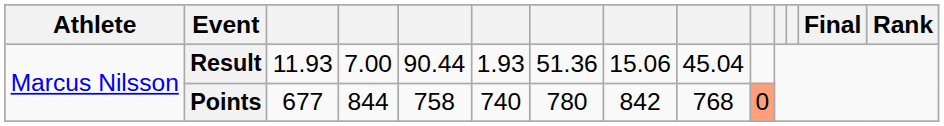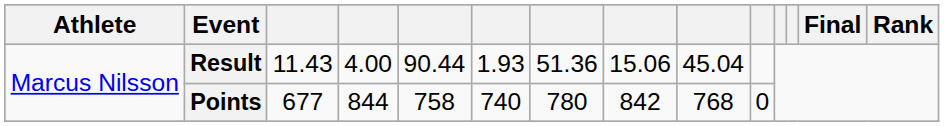 <table class="wikitable" style="font-size:90%">
 <tr>
 <th>Athlete</th>
 <th>Event</th>
 <th></th>
 <th></th>
 <th></th>
 <th></th>
 <th></th>
 <th></th>
 <th></th>
 <th></th>
 <th></th>
 <th></th>
 <th>Final</th>
 <th>Rank</th>
 </tr>
 <tr align="center">
 <td rowspan="2" style="text-align:left"><a href='#'>Marcus Nilsson</a></td>
 <th style="font-size:95%">Result</th>
-<td>11.93</td>
-<td>7.00 </td>
+<td>11.43</td>
+<td>4.00 </td>
 <td>90.44</td>
 <td>1.93</td>
 <td>51.36 </td>
 <td>15.06 </td>
 <td>45.04</td>
 <td></td>
 <td rowspan="2" colspan=4></td>
 </tr>
 <tr align="center">
 <th style="font-size:95%">Points</th>
 <td>677</td>
 <td>844</td>
 <td>758</td>
 <td>740</td>
 <td>780</td>
 <td>842</td>
 <td>768</td>
-<td style="background: lightsalmon;">0</td>
+<td>0</td>
 </tr>
 </table>
